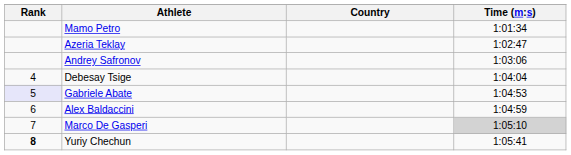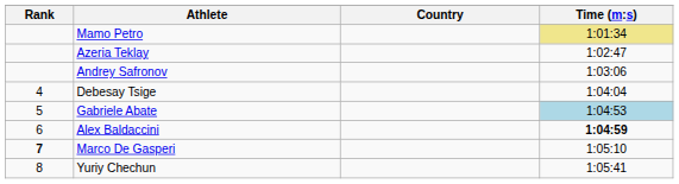 <table class="wikitable" width=50% style="font-size:90%; text-align:center;">
 <tr>
 </tr>
 <tr>
 <th width=5%>Rank</th>
 <th width=20%>Athlete</th>
 <th width=15%>Country</th>
 <th width=10%>Time (<a href='#'>m</a>:<a href='#'>s</a>)</th>
 </tr>
 <tr align="center">
 <td></td>
 <td align="left"><a href='#'>Mamo Petro</a></td>
 <td align="left"></td>
-<td>1:01:34</td>
+<td style="background: khaki;">1:01:34</td>
 </tr>
 <tr align="center">
 <td></td>
 <td align="left"><a href='#'>Azeria Teklay</a></td>
 <td align="left"></td>
 <td>1:02:47</td>
 </tr>
 <tr align="center">
 <td></td>
 <td align="left"><a href='#'>Andrey Safronov</a></td>
 <td align="left"></td>
 <td>1:03:06</td>
 </tr>
 <tr align="center">
 <td>4</td>
 <td align="left">Debesay Tsige</td>
 <td align="left"></td>
 <td>1:04:04</td>
 </tr>
 <tr align="center">
-<td style="background: lavender;">5</td>
+<td>5</td>
 <td align="left"><a href='#'>Gabriele Abate</a></td>
 <td align="left"></td>
-<td>1:04:53</td>
+<td style="background: lightblue;">1:04:53</td>
 </tr>
 <tr align="center">
 <td>6</td>
 <td align="left"><a href='#'>Alex Baldaccini</a></td>
 <td align="left"></td>
-<td>1:04:59</td>
+<td><strong>1:04:59</strong></td>
 </tr>
 <tr align="center">
-<td>7</td>
+<td><strong>7</strong></td>
 <td align="left"><a href='#'>Marco De Gasperi</a></td>
 <td align="left"></td>
-<td style="background: lightgrey;">1:05:10</td>
+<td>1:05:10</td>
 </tr>
 <tr align="center">
-<td><strong>8</strong></td>
+<td>8</td>
 <td align="left">Yuriy Chechun</td>
 <td align="left"></td>
 <td>1:05:41</td>
 </tr>
 </table>
